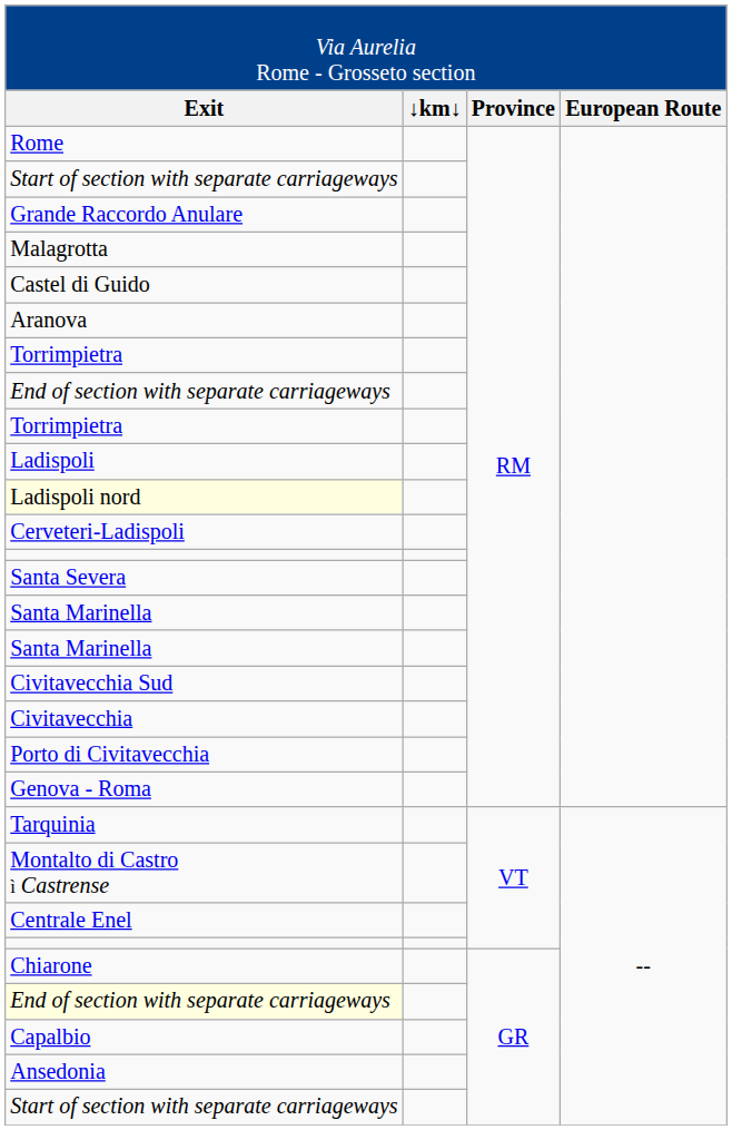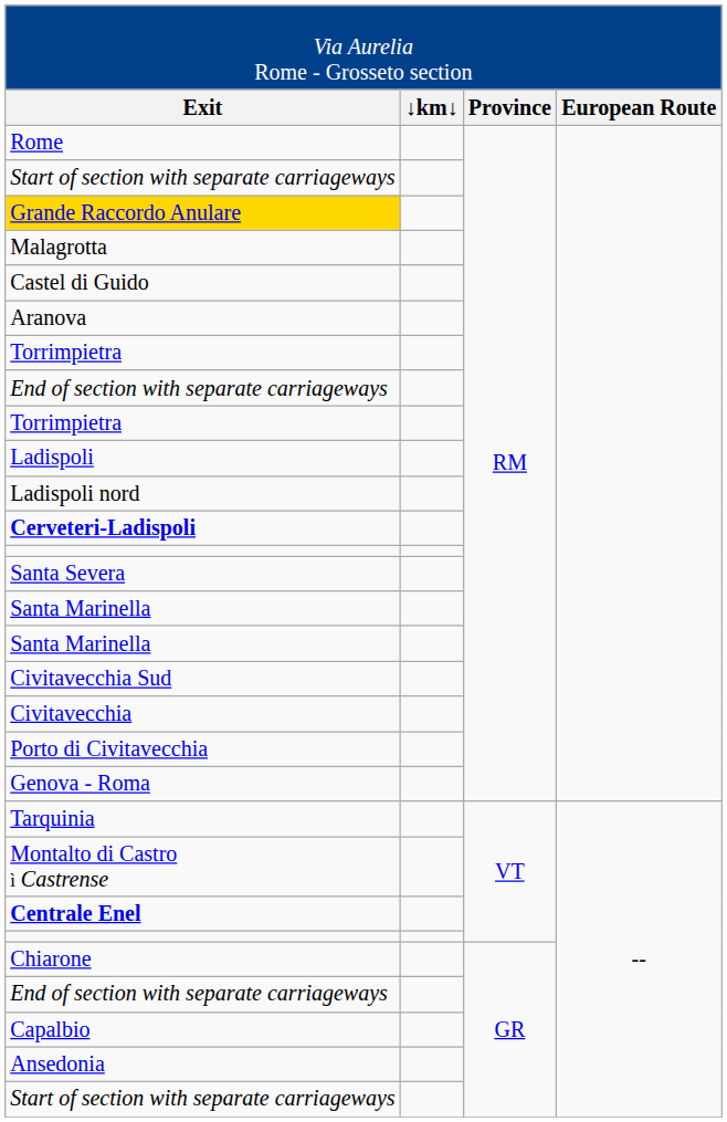 <table class="wikitable">
 <tr align="center" bgcolor="00408B" style="color: white;font-size:100%;">
 <td colspan="6"><br><em>Via Aurelia</em><br>Rome - Grosseto section</td>
 </tr>
 <tr>
 <th style="text-align:center;"><strong>Exit</strong></th>
 <th style="text-align:center;"><strong>↓km↓</strong></th>
 <th align="center"><strong>Province</strong></th>
 <th align="center"><strong>European Route</strong></th>
 </tr>
 <tr>
 <td> <a href='#'>Rome</a></td>
 <td align="right"></td>
 <td rowspan="20" align="center"><a href='#'>RM</a></td>
 <td rowspan="20" align="center"></td>
 </tr>
 <tr>
 <td> <em>Start of section with separate carriageways</em></td>
 <td align="right"></td>
 </tr>
 <tr>
-<td>  <a href='#'>Grande Raccordo Anulare</a></td>
+<td style="background: gold;">  <a href='#'>Grande Raccordo Anulare</a></td>
 <td align="right"></td>
 </tr>
 <tr>
 <td> Malagrotta</td>
 <td align="right"></td>
 </tr>
 <tr>
 <td> Castel di Guido</td>
 <td align="right"></td>
 </tr>
 <tr>
 <td> Aranova</td>
 <td align="right"></td>
 </tr>
 <tr>
 <td>  <a href='#'>Torrimpietra</a></td>
 <td align="right"></td>
 </tr>
 <tr>
 <td> <em>End of section with separate carriageways</em></td>
 <td align="right"></td>
 </tr>
 <tr>
 <td> <a href='#'>Torrimpietra</a></td>
 <td align="right"></td>
 </tr>
 <tr>
 <td> <a href='#'>Ladispoli</a></td>
 <td align="right"></td>
 </tr>
 <tr>
-<td style="background: lightyellow;"> Ladispoli nord</td>
+<td> Ladispoli nord</td>
 <td align="right"></td>
 </tr>
 <tr>
-<td>  <a href='#'>Cerveteri-Ladispoli</a></td>
+<td><strong>  <a href='#'>Cerveteri-Ladispoli</a></strong></td>
 <td align="right"></td>
 </tr>
 <tr>
 <td> </td>
 <td align="right"></td>
 </tr>
 <tr>
 <td> <a href='#'>Santa Severa</a></td>
 <td align="right"></td>
 </tr>
 <tr>
 <td>  <a href='#'>Santa Marinella</a></td>
 <td align="right"></td>
 </tr>
 <tr>
 <td> <a href='#'>Santa Marinella</a></td>
 <td align="right"></td>
 </tr>
 <tr>
 <td>  <a href='#'>Civitavecchia Sud</a></td>
 <td align="right"></td>
 </tr>
 <tr>
 <td> <a href='#'>Civitavecchia</a></td>
 <td align="right"></td>
 </tr>
 <tr>
 <td> <a href='#'>Porto di Civitavecchia</a></td>
 <td align="right"></td>
 </tr>
 <tr>
 <td>  <a href='#'>Genova - Roma</a></td>
 <td align="right"></td>
 </tr>
 <tr>
 <td>  <a href='#'>Tarquinia</a></td>
 <td align="right"></td>
 <td rowspan="4" align="center"><a href='#'>VT</a></td>
 <td rowspan="9" align="center">--</td>
 </tr>
 <tr>
 <td> <a href='#'>Montalto di Castro</a><br><small>ì</small> <em>Castrense</em></td>
 <td align="right"></td>
 </tr>
 <tr>
-<td> <a href='#'>Centrale Enel</a></td>
+<td><strong> <a href='#'>Centrale Enel</a></strong></td>
 <td align="right"></td>
 </tr>
 <tr>
 <td> </td>
 <td align="right"></td>
 </tr>
 <tr>
 <td> <a href='#'>Chiarone</a></td>
 <td align="right"></td>
 <td rowspan="23" align="center"><a href='#'>GR</a></td>
 </tr>
 <tr>
-<td style="background: lightyellow;"> <em>End of section with separate carriageways</em></td>
+<td> <em>End of section with separate carriageways</em></td>
 <td align="right"></td>
 </tr>
 <tr>
 <td> <a href='#'>Capalbio</a></td>
 <td align="right"></td>
 </tr>
 <tr>
 <td> <a href='#'>Ansedonia</a></td>
 <td align="right"></td>
 </tr>
 <tr>
 <td> <em>Start of section with separate carriageways</em></td>
 <td align="right"></td>
 </tr>
 </table>
